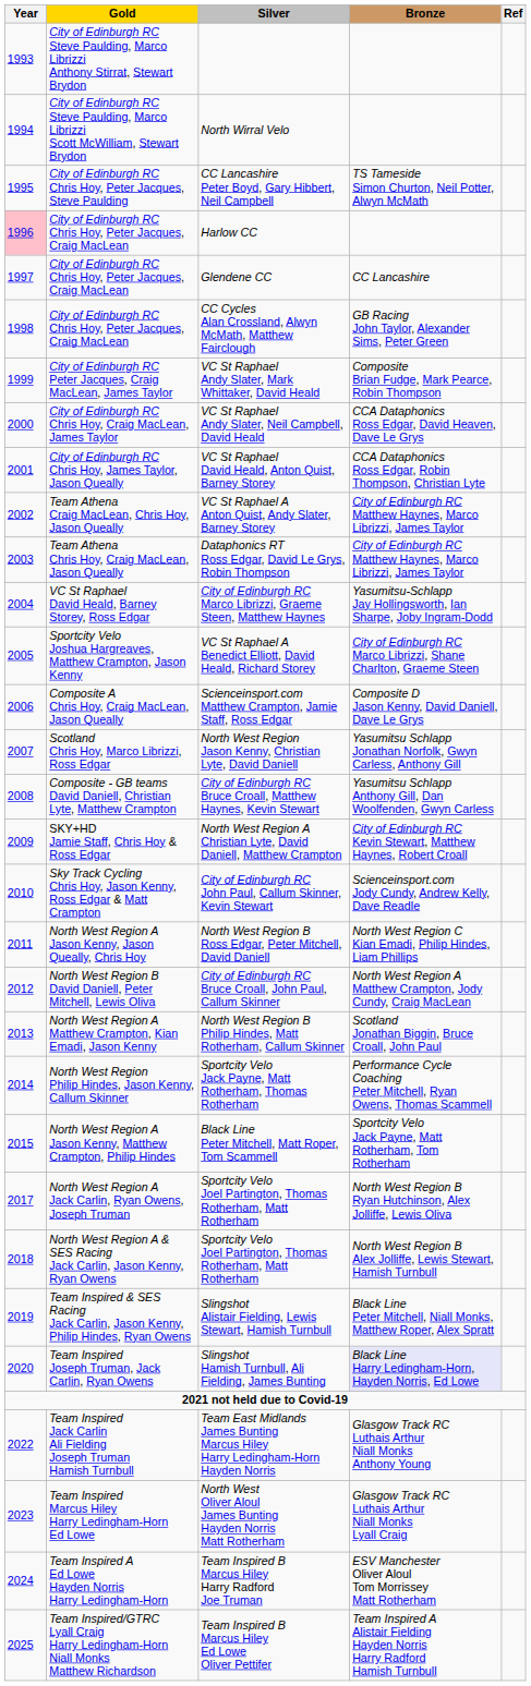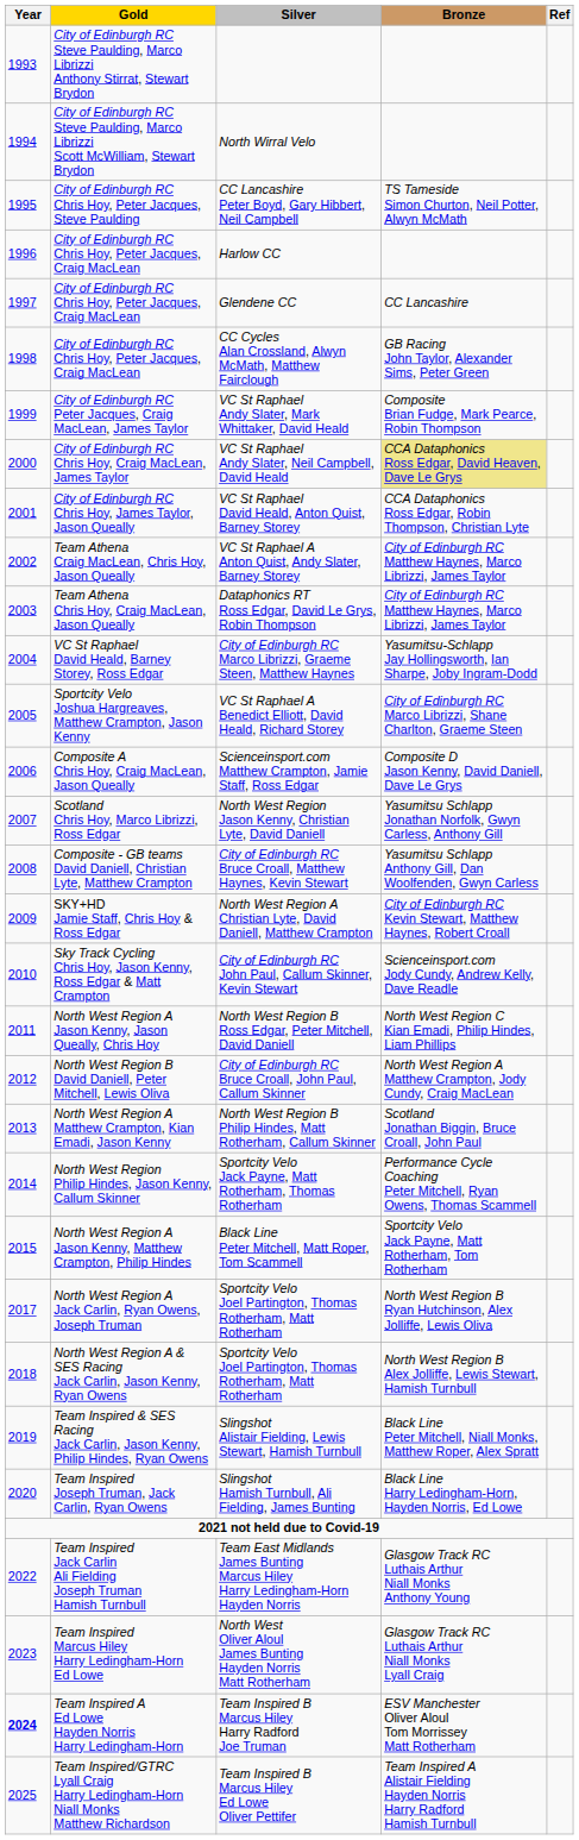 <table class="wikitable" style="font-size: 100%">
 <tr>
 <th width=50>Year</th>
 <th width=200 style="background-color: gold;">Gold</th>
 <th width=200 style="background-color: silver;">Silver</th>
 <th width=200 style="background-color: #cc9966;">Bronze</th>
 <th width=20>Ref</th>
 </tr>
 <tr>
 <td><a href='#'>1993</a></td>
 <td><em><a href='#'>City of Edinburgh RC</a></em><br><a href='#'>Steve Paulding</a>, <a href='#'>Marco Librizzi</a><br> <a href='#'>Anthony Stirrat</a>, <a href='#'>Stewart Brydon</a></td>
 <td></td>
 <td></td>
 <td></td>
 </tr>
 <tr>
 <td><a href='#'>1994</a></td>
 <td><em><a href='#'>City of Edinburgh RC</a></em><br><a href='#'>Steve Paulding</a>, <a href='#'>Marco Librizzi</a><br> <a href='#'>Scott McWilliam</a>, <a href='#'>Stewart Brydon</a></td>
 <td><em>North Wirral Velo</em></td>
 <td></td>
 <td></td>
 </tr>
 <tr>
 <td><a href='#'>1995</a></td>
 <td><em><a href='#'>City of Edinburgh RC</a></em><br><a href='#'>Chris Hoy</a>, <a href='#'>Peter Jacques</a>, <a href='#'>Steve Paulding</a></td>
 <td><em>CC Lancashire</em><br><a href='#'>Peter Boyd</a>, <a href='#'>Gary Hibbert</a>, <a href='#'>Neil Campbell</a></td>
 <td><em>TS Tameside</em><br><a href='#'>Simon Churton</a>, <a href='#'>Neil Potter</a>, <a href='#'>Alwyn McMath</a></td>
 <td></td>
 </tr>
 <tr>
-<td style="background: pink;"><a href='#'>1996</a></td>
+<td><a href='#'>1996</a></td>
 <td><em><a href='#'>City of Edinburgh RC</a></em><br><a href='#'>Chris Hoy</a>, <a href='#'>Peter Jacques</a>, <a href='#'>Craig MacLean</a></td>
 <td><em>Harlow CC</em></td>
 <td></td>
 <td></td>
 </tr>
 <tr>
 <td><a href='#'>1997</a></td>
 <td><em><a href='#'>City of Edinburgh RC</a></em><br><a href='#'>Chris Hoy</a>, <a href='#'>Peter Jacques</a>, <a href='#'>Craig MacLean</a></td>
 <td><em>Glendene CC</em><br></td>
 <td><em>CC Lancashire</em><br></td>
 <td></td>
 </tr>
 <tr>
 <td><a href='#'>1998</a></td>
 <td><em><a href='#'>City of Edinburgh RC</a></em><br><a href='#'>Chris Hoy</a>, <a href='#'>Peter Jacques</a>, <a href='#'>Craig MacLean</a></td>
 <td><em>CC Cycles</em><br><a href='#'>Alan Crossland</a>, <a href='#'>Alwyn McMath</a>, <a href='#'>Matthew Fairclough</a></td>
 <td><em>GB Racing</em><br> <a href='#'>John Taylor</a>, <a href='#'>Alexander Sims</a>, <a href='#'>Peter Green</a></td>
 <td></td>
 </tr>
 <tr>
 <td><a href='#'>1999</a></td>
 <td><em><a href='#'>City of Edinburgh RC</a></em><br><a href='#'>Peter Jacques</a>, <a href='#'>Craig MacLean</a>, <a href='#'>James Taylor</a></td>
 <td><em>VC St Raphael</em><br><a href='#'>Andy Slater</a>, <a href='#'>Mark Whittaker</a>, <a href='#'>David Heald</a></td>
 <td><em>Composite</em> <br><a href='#'>Brian Fudge</a>, <a href='#'>Mark Pearce</a>, <a href='#'>Robin Thompson</a></td>
 <td></td>
 </tr>
 <tr>
 <td><a href='#'>2000</a></td>
 <td><em><a href='#'>City of Edinburgh RC</a></em><br><a href='#'>Chris Hoy</a>, <a href='#'>Craig MacLean</a>, <a href='#'>James Taylor</a></td>
 <td><em>VC St Raphael</em><br><a href='#'>Andy Slater</a>, <a href='#'>Neil Campbell</a>, <a href='#'>David Heald</a></td>
-<td><em>CCA Dataphonics</em><br><a href='#'>Ross Edgar</a>, <a href='#'>David Heaven</a>, <a href='#'>Dave Le Grys</a></td>
+<td style="background: khaki;"><em>CCA Dataphonics</em><br><a href='#'>Ross Edgar</a>, <a href='#'>David Heaven</a>, <a href='#'>Dave Le Grys</a></td>
 <td></td>
 </tr>
 <tr>
 <td><a href='#'>2001</a></td>
 <td><em><a href='#'>City of Edinburgh RC</a></em><br><a href='#'>Chris Hoy</a>, <a href='#'>James Taylor</a>, <a href='#'>Jason Queally</a></td>
 <td><em>VC St Raphael</em><br><a href='#'>David Heald</a>, <a href='#'>Anton Quist</a>, <a href='#'>Barney Storey</a></td>
 <td><em>CCA Dataphonics</em><br> <a href='#'>Ross Edgar</a>, <a href='#'>Robin Thompson</a>, <a href='#'>Christian Lyte</a></td>
 <td></td>
 </tr>
 <tr>
 <td><a href='#'>2002</a></td>
 <td><em>Team Athena</em><br><a href='#'>Craig MacLean</a>, <a href='#'>Chris Hoy</a>, <a href='#'>Jason Queally</a></td>
 <td><em>VC St Raphael A</em><br><a href='#'>Anton Quist</a>, <a href='#'>Andy Slater</a>, <a href='#'>Barney Storey</a></td>
 <td><em><a href='#'>City of Edinburgh RC</a></em><br><a href='#'>Matthew Haynes</a>, <a href='#'>Marco Librizzi</a>, <a href='#'>James Taylor</a></td>
 <td></td>
 </tr>
 <tr>
 <td><a href='#'>2003</a></td>
 <td><em>Team Athena</em><br><a href='#'>Chris Hoy</a>, <a href='#'>Craig MacLean</a>, <a href='#'>Jason Queally</a></td>
 <td><em>Dataphonics RT</em><br><a href='#'>Ross Edgar</a>, <a href='#'>David Le Grys</a>, <a href='#'>Robin Thompson</a></td>
 <td><em><a href='#'>City of Edinburgh RC</a></em><br><a href='#'>Matthew Haynes</a>, <a href='#'>Marco Librizzi</a>, <a href='#'>James Taylor</a></td>
 <td></td>
 </tr>
 <tr>
 <td><a href='#'>2004</a></td>
 <td><em>VC St Raphael</em><br><a href='#'>David Heald</a>, <a href='#'>Barney Storey</a>, <a href='#'>Ross Edgar</a></td>
 <td><em><a href='#'>City of Edinburgh RC</a></em><br><a href='#'>Marco Librizzi</a>, <a href='#'>Graeme Steen</a>, <a href='#'>Matthew Haynes</a></td>
 <td><em>Yasumitsu-Schlapp</em><br><a href='#'>Jay Hollingsworth</a>, <a href='#'>Ian Sharpe</a>, <a href='#'>Joby Ingram-Dodd</a></td>
 <td></td>
 </tr>
 <tr>
 <td><a href='#'>2005</a></td>
 <td><em>Sportcity Velo</em><br><a href='#'>Joshua Hargreaves</a>, <a href='#'>Matthew Crampton</a>, <a href='#'>Jason Kenny</a></td>
 <td><em>VC St Raphael A</em><br><a href='#'>Benedict Elliott</a>, <a href='#'>David Heald</a>, <a href='#'>Richard Storey</a></td>
 <td><em><a href='#'>City of Edinburgh RC</a></em><br><a href='#'>Marco Librizzi</a>, <a href='#'>Shane Charlton</a>, <a href='#'>Graeme Steen</a></td>
 <td></td>
 </tr>
 <tr>
 <td><a href='#'>2006</a></td>
 <td><em>Composite A</em><br><a href='#'>Chris Hoy</a>, <a href='#'>Craig MacLean</a>, <a href='#'>Jason Queally</a></td>
 <td><em>Scienceinsport.com</em><br><a href='#'>Matthew Crampton</a>, <a href='#'>Jamie Staff</a>, <a href='#'>Ross Edgar</a></td>
 <td><em>Composite D</em><br><a href='#'>Jason Kenny</a>, <a href='#'>David Daniell</a>, <a href='#'>Dave Le Grys</a></td>
 <td></td>
 </tr>
 <tr>
 <td><a href='#'>2007</a></td>
 <td><em>Scotland</em><br><a href='#'>Chris Hoy</a>, <a href='#'>Marco Librizzi</a>, <a href='#'>Ross Edgar</a></td>
 <td><em>North West Region</em><br> <a href='#'>Jason Kenny</a>, <a href='#'>Christian Lyte</a>, <a href='#'>David Daniell</a></td>
 <td><em>Yasumitsu Schlapp</em><br> <a href='#'>Jonathan Norfolk</a>, <a href='#'>Gwyn Carless</a>, <a href='#'>Anthony Gill</a></td>
 <td></td>
 </tr>
 <tr>
 <td><a href='#'>2008</a></td>
 <td><em>Composite - GB teams</em><br><a href='#'>David Daniell</a>, <a href='#'>Christian Lyte</a>, <a href='#'>Matthew Crampton</a></td>
 <td><em><a href='#'>City of Edinburgh RC</a></em><br><a href='#'>Bruce Croall</a>, <a href='#'>Matthew Haynes</a>, <a href='#'>Kevin Stewart</a></td>
 <td><em>Yasumitsu Schlapp</em><br><a href='#'>Anthony Gill</a>, <a href='#'>Dan Woolfenden</a>, <a href='#'>Gwyn Carless</a></td>
 <td></td>
 </tr>
 <tr>
 <td><a href='#'>2009</a></td>
 <td>SKY+HD<br><a href='#'>Jamie Staff</a>, <a href='#'>Chris Hoy</a> & <a href='#'>Ross Edgar</a></td>
 <td><em>North West Region A</em><br><a href='#'>Christian Lyte</a>, <a href='#'>David Daniell</a>, <a href='#'>Matthew Crampton</a></td>
 <td><em><a href='#'>City of Edinburgh RC</a></em><br><a href='#'>Kevin Stewart</a>, <a href='#'>Matthew Haynes</a>, <a href='#'>Robert Croall</a></td>
 <td></td>
 </tr>
 <tr>
 <td><a href='#'>2010</a></td>
 <td><em>Sky Track Cycling</em><br><a href='#'>Chris Hoy</a>, <a href='#'>Jason Kenny</a>, <a href='#'>Ross Edgar</a> & <a href='#'>Matt Crampton</a></td>
 <td><em><a href='#'>City of Edinburgh RC</a></em><br><a href='#'>John Paul</a>, <a href='#'>Callum Skinner</a>, <a href='#'>Kevin Stewart</a></td>
 <td><em>Scienceinsport.com</em><br><a href='#'>Jody Cundy</a>, <a href='#'>Andrew Kelly</a>, <a href='#'>Dave Readle</a></td>
 <td></td>
 </tr>
 <tr>
 <td><a href='#'>2011</a></td>
 <td><em>North West Region A</em><br><a href='#'>Jason Kenny</a>, <a href='#'>Jason Queally</a>, <a href='#'>Chris Hoy</a></td>
 <td><em>North West Region B</em><br><a href='#'>Ross Edgar</a>, <a href='#'>Peter Mitchell</a>, <a href='#'>David Daniell</a></td>
 <td><em>North West Region C</em><br><a href='#'>Kian Emadi</a>, <a href='#'>Philip Hindes</a>, <a href='#'>Liam Phillips</a></td>
 <td></td>
 </tr>
 <tr>
 <td><a href='#'>2012</a></td>
 <td><em>North West Region B</em><br><a href='#'>David Daniell</a>, <a href='#'>Peter Mitchell</a>, <a href='#'>Lewis Oliva</a></td>
 <td><em><a href='#'>City of Edinburgh RC</a></em><br><a href='#'>Bruce Croall</a>, <a href='#'>John Paul</a>, <a href='#'>Callum Skinner</a></td>
 <td><em>North West Region A</em><br><a href='#'>Matthew Crampton</a>, <a href='#'>Jody Cundy</a>, <a href='#'>Craig MacLean</a></td>
 <td></td>
 </tr>
 <tr>
 <td><a href='#'>2013</a></td>
 <td><em>North West Region A</em><br><a href='#'>Matthew Crampton</a>, <a href='#'>Kian Emadi</a>, <a href='#'>Jason Kenny</a></td>
 <td><em>North West Region B</em><br><a href='#'>Philip Hindes</a>, <a href='#'>Matt Rotherham</a>, <a href='#'>Callum Skinner</a></td>
 <td><em>Scotland</em><br><a href='#'>Jonathan Biggin</a>, <a href='#'>Bruce Croall</a>, <a href='#'>John Paul</a></td>
 <td></td>
 </tr>
 <tr>
 <td><a href='#'>2014</a></td>
 <td><em>North West Region</em><br><a href='#'>Philip Hindes</a>, <a href='#'>Jason Kenny</a>, <a href='#'>Callum Skinner</a></td>
 <td><em>Sportcity Velo</em> <br><a href='#'>Jack Payne</a>, <a href='#'>Matt Rotherham</a>, <a href='#'>Thomas Rotherham</a></td>
 <td><em>Performance Cycle Coaching</em><br><a href='#'>Peter Mitchell</a>, <a href='#'>Ryan Owens</a>, <a href='#'>Thomas Scammell</a></td>
 <td></td>
 </tr>
 <tr>
 <td><a href='#'>2015</a></td>
 <td><em>North West Region A</em><br> <a href='#'>Jason Kenny</a>, <a href='#'>Matthew Crampton</a>, <a href='#'>Philip Hindes</a></td>
 <td><em>Black Line</em><br><a href='#'>Peter Mitchell</a>, <a href='#'>Matt Roper</a>, <a href='#'>Tom Scammell</a></td>
 <td><em>Sportcity Velo</em><br> <a href='#'>Jack Payne</a>, <a href='#'>Matt Rotherham</a>, <a href='#'>Tom Rotherham</a></td>
 <td></td>
 </tr>
 <tr>
 <td><a href='#'>2017</a></td>
 <td><em>North West Region A</em><br><a href='#'>Jack Carlin</a>, <a href='#'>Ryan Owens</a>, <a href='#'>Joseph Truman</a></td>
 <td><em>Sportcity Velo</em><br><a href='#'>Joel Partington</a>, <a href='#'>Thomas Rotherham</a>, <a href='#'>Matt Rotherham</a></td>
 <td><em>North West Region B</em><br><a href='#'>Ryan Hutchinson</a>, <a href='#'>Alex Jolliffe</a>, <a href='#'>Lewis Oliva</a></td>
 <td></td>
 </tr>
 <tr>
 <td><a href='#'>2018</a></td>
 <td><em>North West Region A & SES Racing</em><br><a href='#'>Jack Carlin</a>, <a href='#'>Jason Kenny</a>, <a href='#'>Ryan Owens</a></td>
 <td><em>Sportcity Velo</em><br> <a href='#'>Joel Partington</a>, <a href='#'>Thomas Rotherham</a>, <a href='#'>Matt Rotherham</a></td>
 <td><em>North West Region B</em><br><a href='#'>Alex Jolliffe</a>, <a href='#'>Lewis Stewart</a>, <a href='#'>Hamish Turnbull</a></td>
 <td></td>
 </tr>
 <tr>
 <td><a href='#'>2019</a></td>
 <td><em>Team Inspired & SES Racing</em><br><a href='#'>Jack Carlin</a>, <a href='#'>Jason Kenny</a>, <a href='#'>Philip Hindes</a>, <a href='#'>Ryan Owens</a></td>
 <td><em>Slingshot</em><br><a href='#'>Alistair Fielding</a>, <a href='#'>Lewis Stewart</a>, <a href='#'>Hamish Turnbull</a></td>
 <td><em>Black Line</em><br><a href='#'>Peter Mitchell</a>, <a href='#'>Niall Monks</a>, <a href='#'>Matthew Roper</a>, <a href='#'>Alex Spratt</a></td>
 <td></td>
 </tr>
 <tr>
 <td><a href='#'>2020</a></td>
 <td><em>Team Inspired</em><br><a href='#'>Joseph Truman</a>, <a href='#'>Jack Carlin</a>, <a href='#'>Ryan Owens</a></td>
 <td><em>Slingshot</em><br><a href='#'>Hamish Turnbull</a>, <a href='#'>Ali Fielding</a>, <a href='#'>James Bunting</a></td>
-<td style="background: lavender;"><em>Black Line</em><br><a href='#'>Harry Ledingham-Horn</a>, <a href='#'>Hayden Norris</a>,  <a href='#'>Ed Lowe</a></td>
+<td><em>Black Line</em><br><a href='#'>Harry Ledingham-Horn</a>, <a href='#'>Hayden Norris</a>,  <a href='#'>Ed Lowe</a></td>
 <td></td>
 </tr>
 <tr>
 <td colspan=5 align=center><strong>2021 not held due to Covid-19</strong></td>
 </tr>
 <tr>
 <td><a href='#'>2022</a></td>
 <td><em>Team Inspired</em><br><a href='#'>Jack Carlin</a><br> <a href='#'>Ali Fielding</a><br> <a href='#'>Joseph Truman</a> <br> <a href='#'>Hamish Turnbull</a></td>
 <td><em>Team East Midlands</em><br><a href='#'>James Bunting</a><br> <a href='#'>Marcus Hiley</a><br> <a href='#'>Harry Ledingham-Horn</a> <br> <a href='#'>Hayden Norris</a></td>
 <td><em>Glasgow Track RC</em><br><a href='#'>Luthais Arthur</a><br> <a href='#'>Niall Monks</a> <br> <a href='#'>Anthony Young</a></td>
 <td></td>
 </tr>
 <tr>
 <td><a href='#'>2023</a></td>
 <td><em>Team Inspired</em><br><a href='#'>Marcus Hiley</a><br> <a href='#'>Harry Ledingham-Horn</a> <br> <a href='#'>Ed Lowe</a></td>
 <td><em>North West</em><br><a href='#'>Oliver Aloul</a><br> <a href='#'>James Bunting</a><br> <a href='#'>Hayden Norris</a><br><a href='#'>Matt Rotherham</a></td>
 <td><em>Glasgow Track RC</em><br><a href='#'>Luthais Arthur</a><br> <a href='#'>Niall Monks</a> <br> <a href='#'>Lyall Craig</a></td>
 <td></td>
 </tr>
 <tr>
-<td><a href='#'>2024</a></td>
+<td><strong><a href='#'>2024</a></strong></td>
 <td><em>Team Inspired A</em><br><a href='#'>Ed Lowe</a><br><a href='#'>Hayden Norris</a><br><a href='#'>Harry Ledingham-Horn</a></td>
 <td><em>Team Inspired B</em><br><a href='#'>Marcus Hiley</a><br>Harry Radford<br><a href='#'>Joe Truman</a></td>
 <td><em>ESV Manchester</em><br>Oliver Aloul<br>Tom Morrissey<br><a href='#'>Matt Rotherham</a></td>
 <td></td>
 </tr>
 <tr>
 <td><a href='#'>2025</a></td>
 <td><em>Team Inspired/GTRC</em><br><a href='#'>Lyall Craig</a><br><a href='#'>Harry Ledingham-Horn</a><br><a href='#'>Niall Monks</a><br><a href='#'>Matthew Richardson</a></td>
 <td><em>Team Inspired B</em><br><a href='#'>Marcus Hiley</a><br><a href='#'>Ed Lowe</a><br><a href='#'>Oliver Pettifer</a></td>
 <td><em>Team Inspired A</em><br><a href='#'>Alistair Fielding</a><br><a href='#'>Hayden Norris</a><br><a href='#'>Harry Radford</a><br><a href='#'>Hamish Turnbull</a></td>
 <td></td>
 </tr>
 </table>
